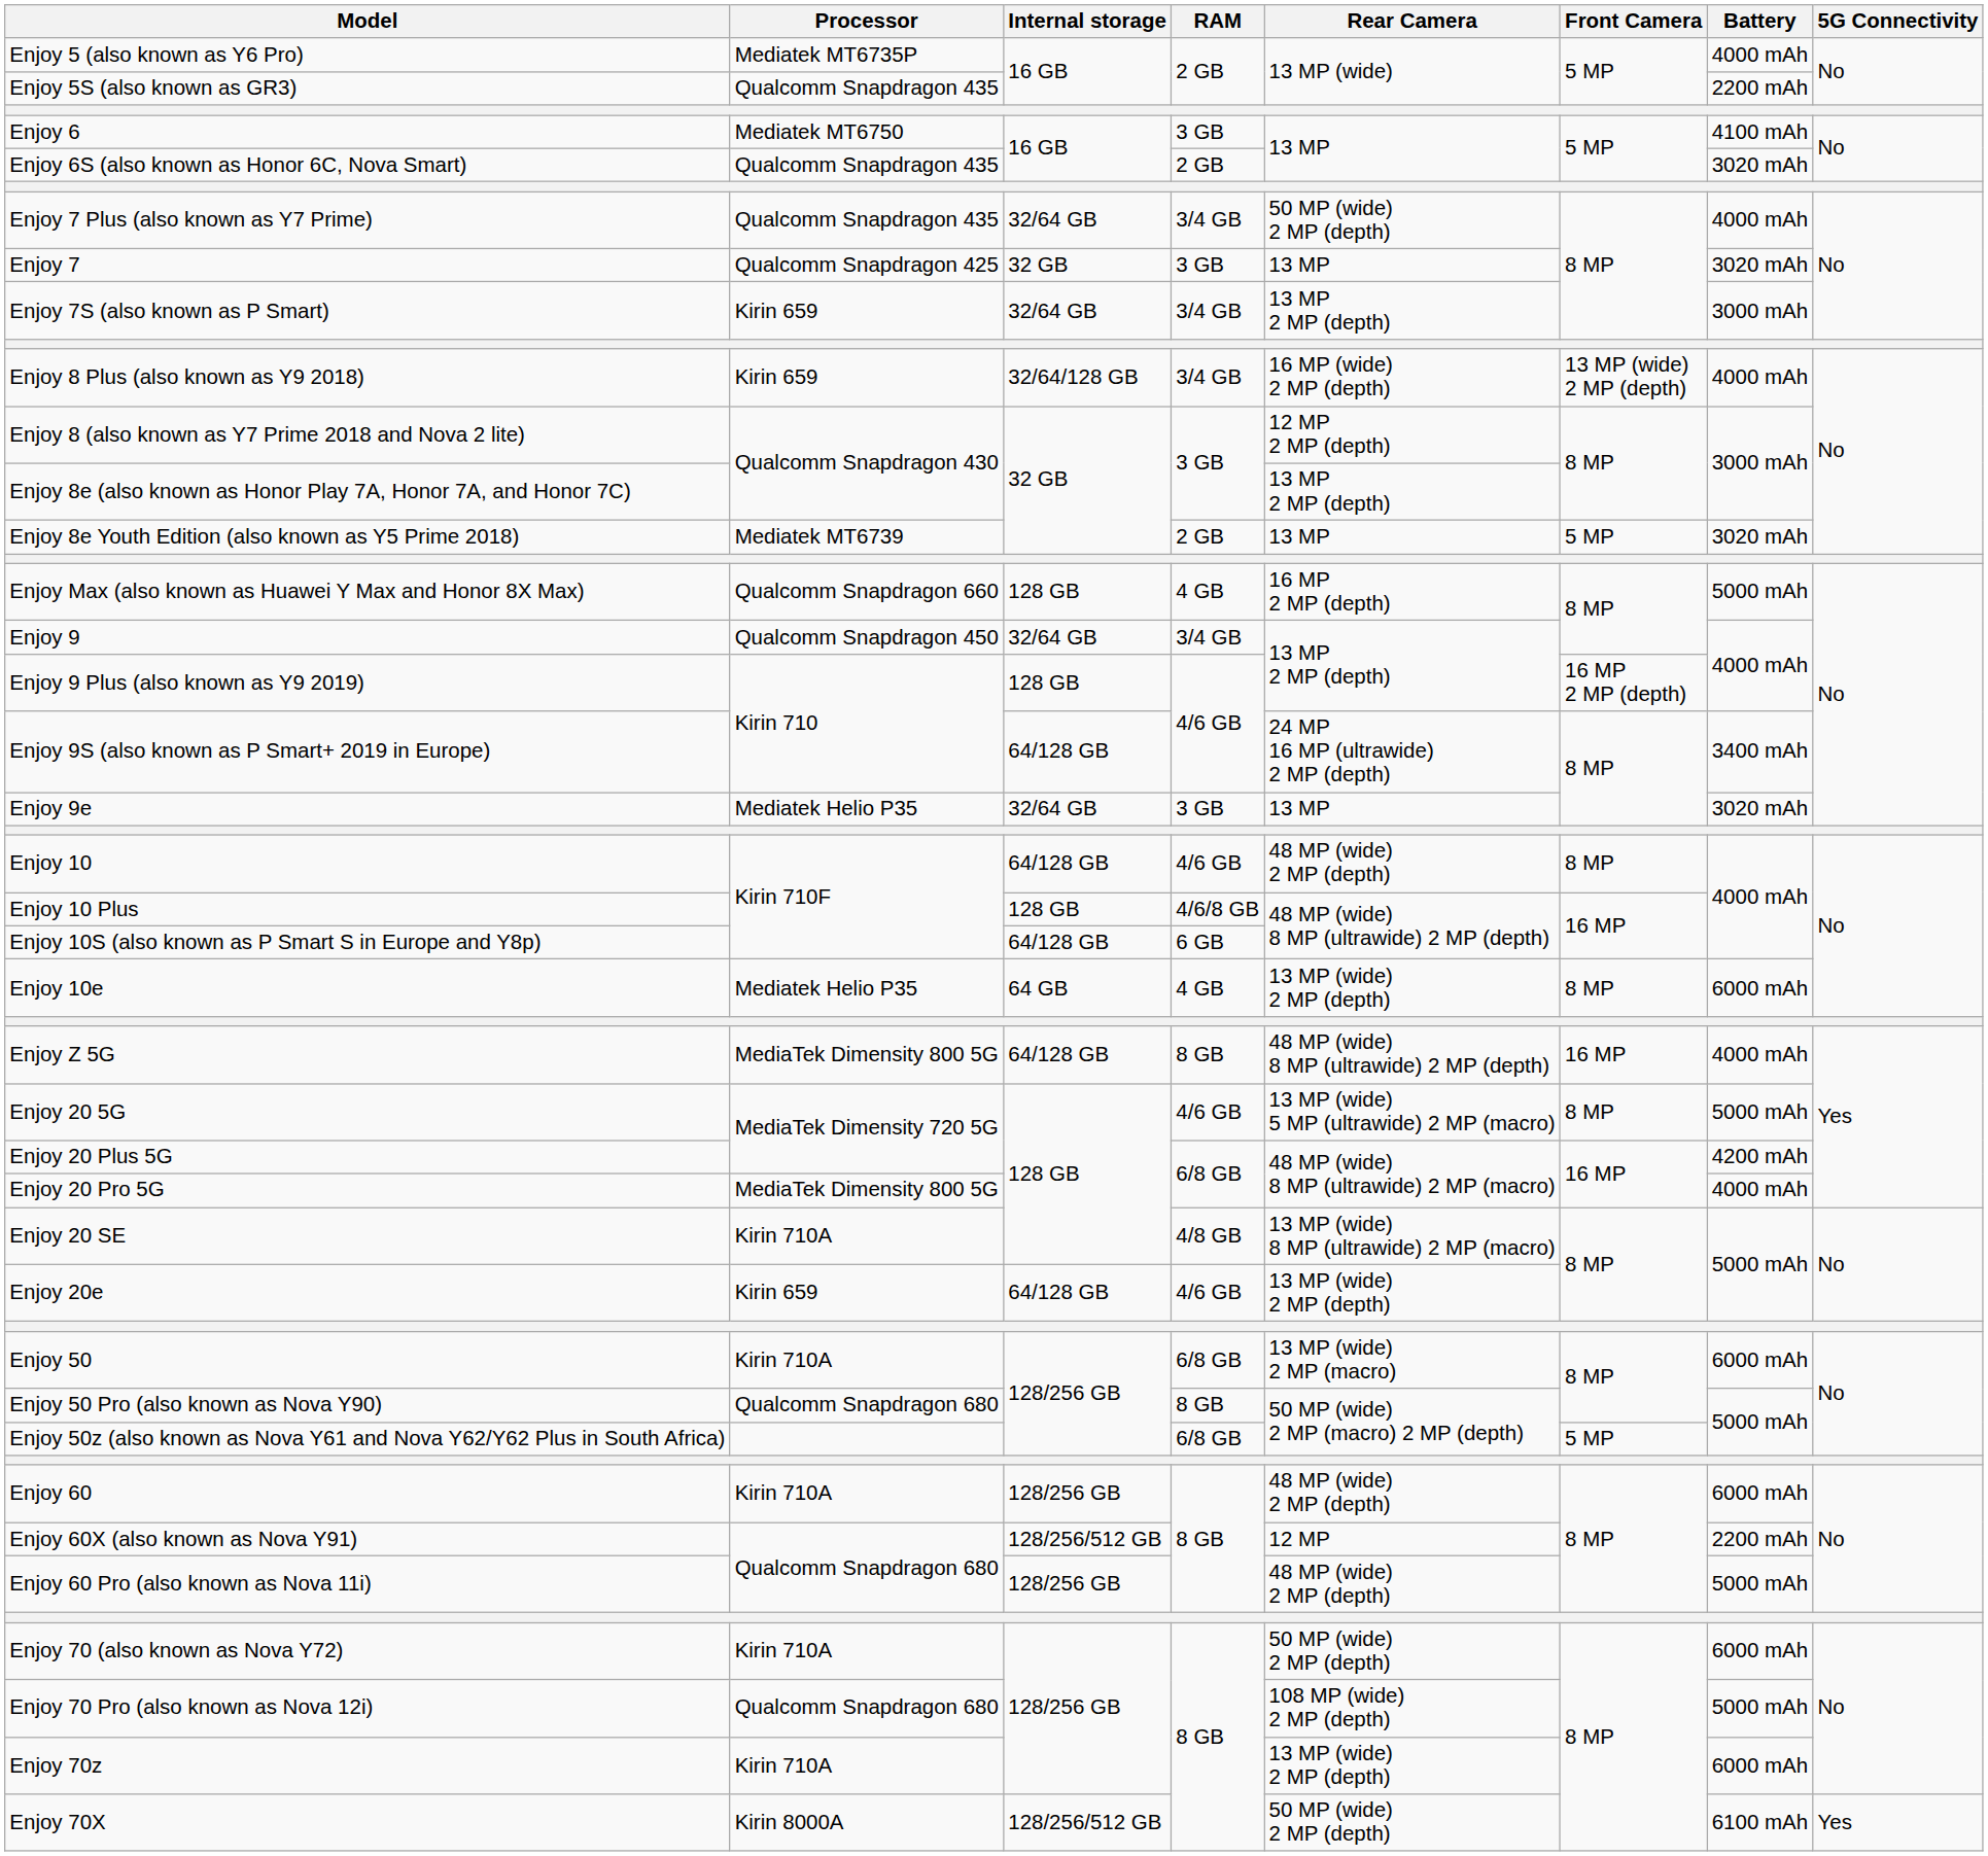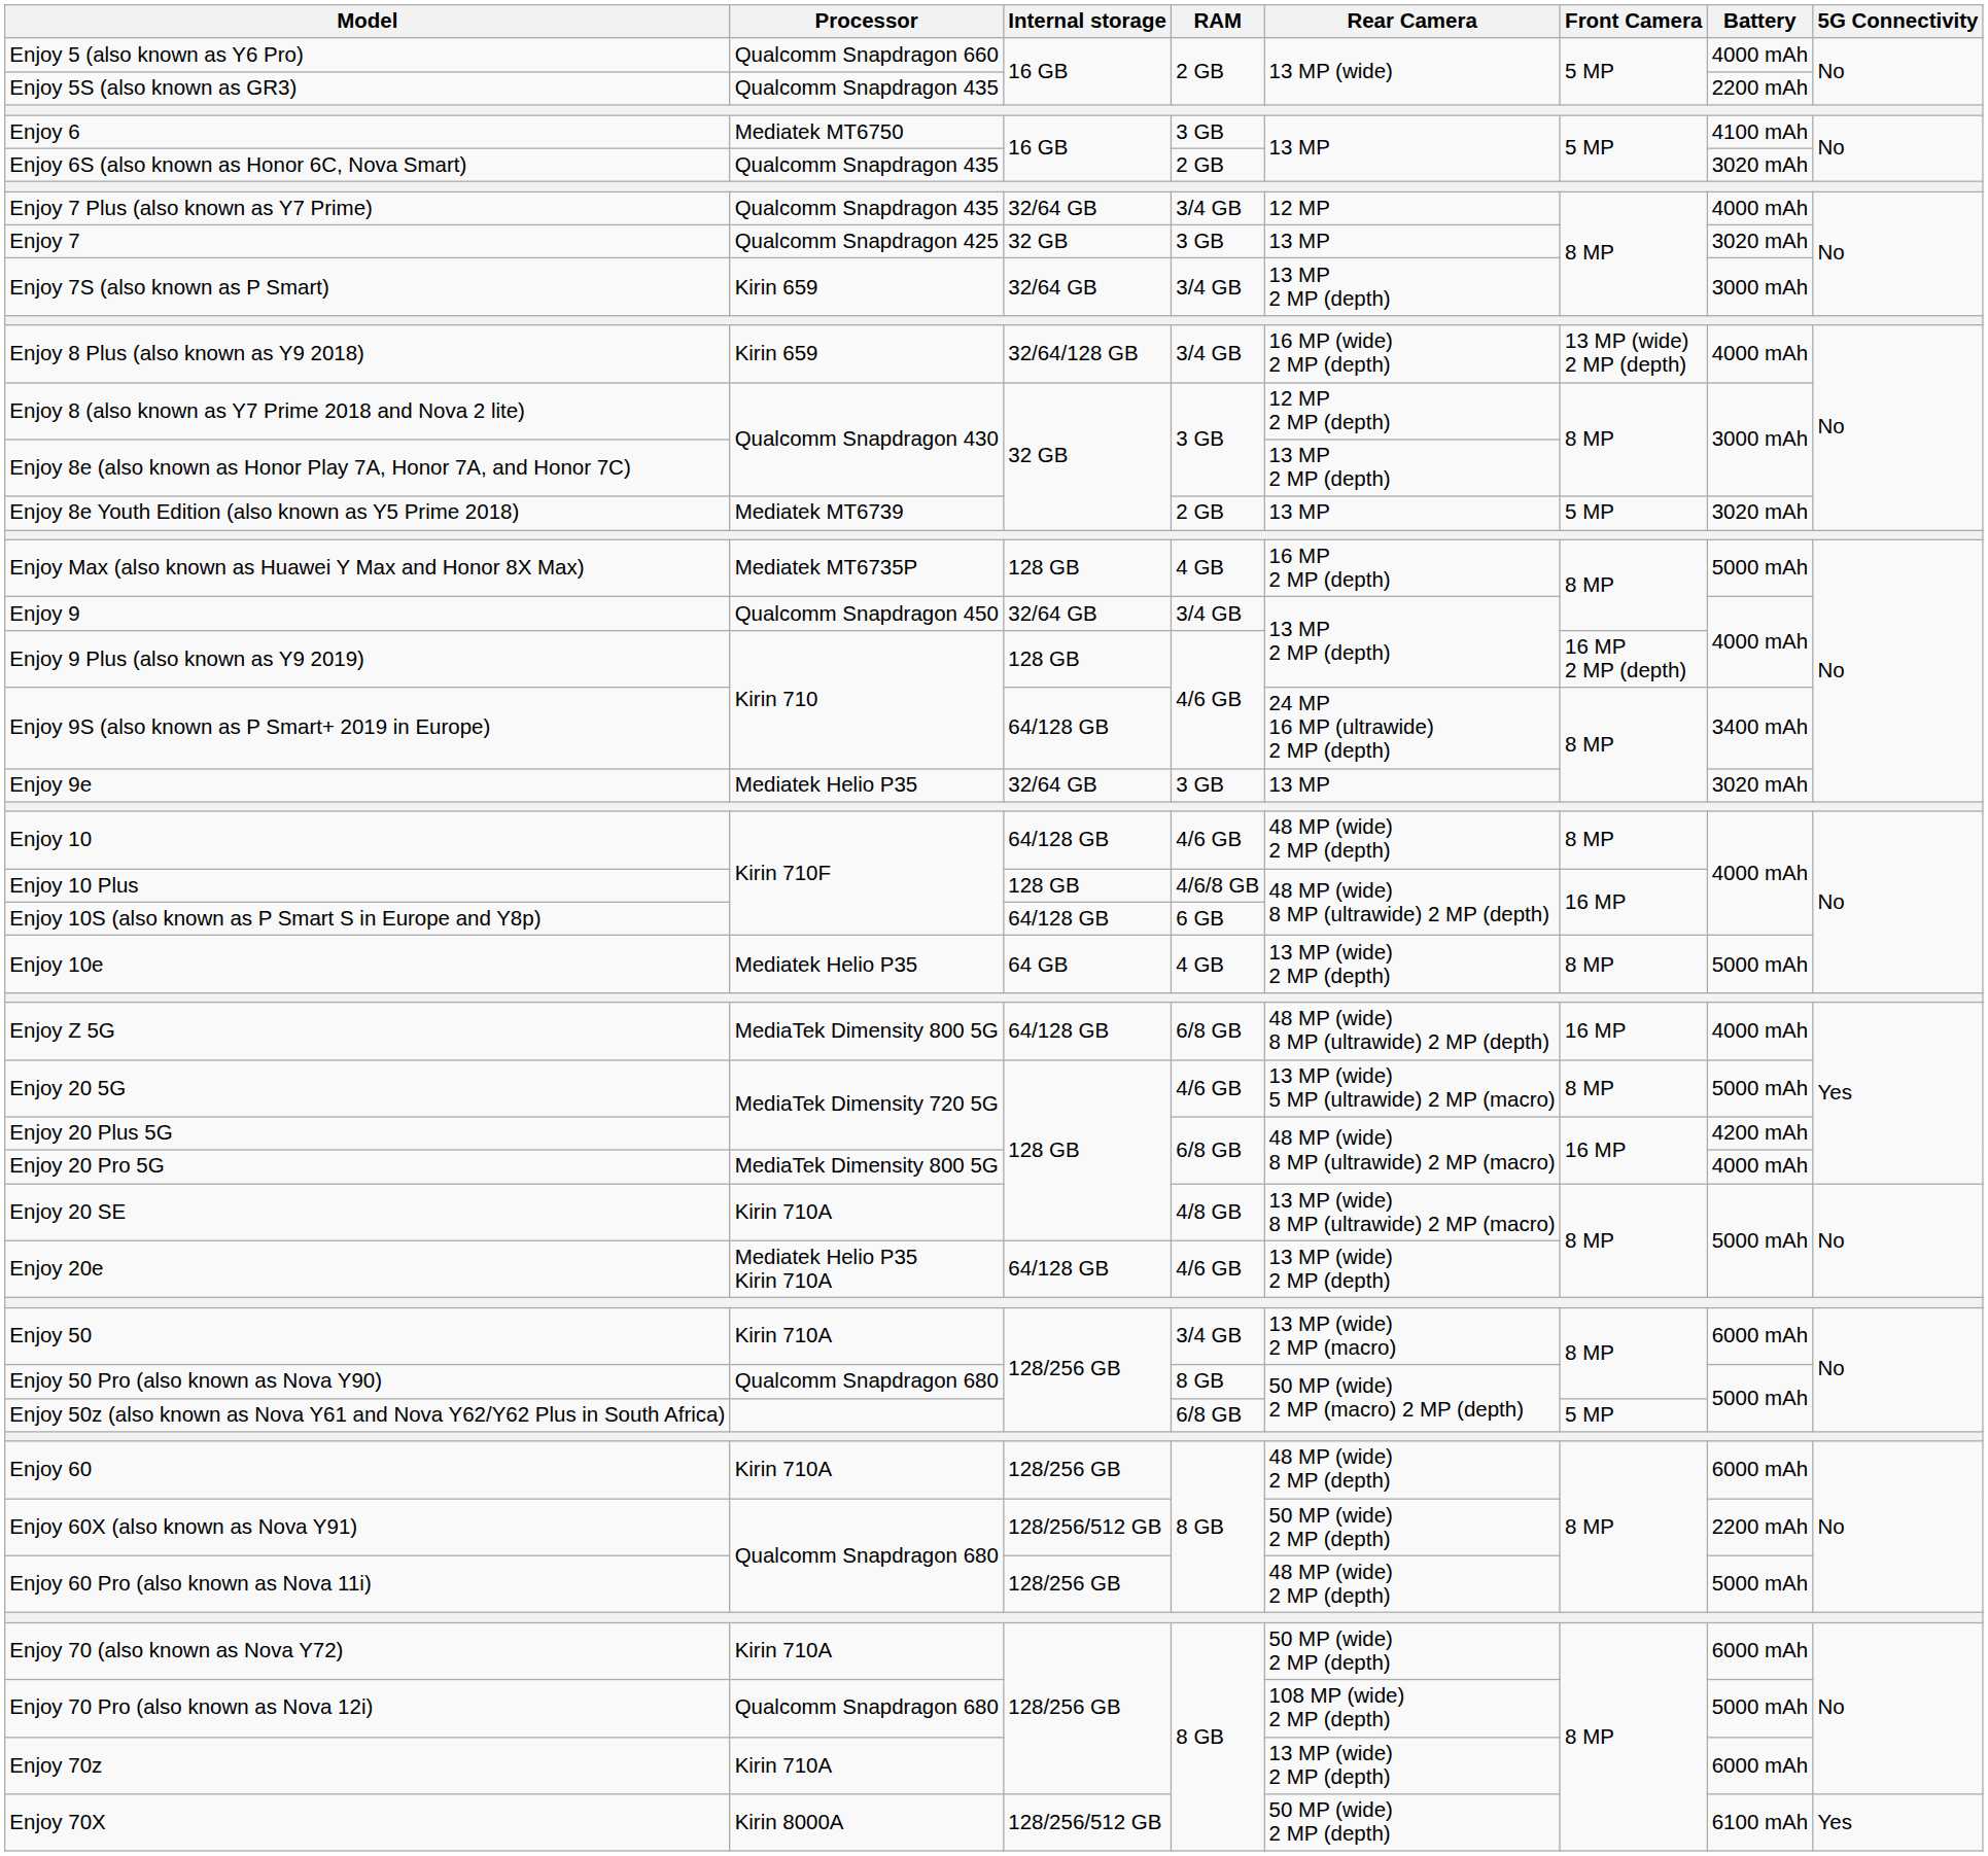 <table class="wikitable sortable">
 <tr>
 <th>Model</th>
 <th>Processor</th>
 <th>Internal storage</th>
 <th>RAM</th>
 <th>Rear Camera</th>
 <th>Front Camera</th>
 <th>Battery</th>
 <th>5G Connectivity</th>
 </tr>
 <tr>
 <td>Enjoy 5 (also known as Y6 Pro)</td>
-<td>Mediatek MT6735P</td>
+<td>Qualcomm Snapdragon 660</td>
 <td rowspan="2">16 GB</td>
 <td rowspan="2">2 GB</td>
 <td rowspan="2">13 MP (wide)</td>
 <td rowspan="2">5 MP</td>
 <td>4000 mAh</td>
 <td rowspan="2">No</td>
 </tr>
 <tr>
 <td>Enjoy 5S (also known as GR3)</td>
 <td>Qualcomm Snapdragon 435</td>
 <td>2200 mAh</td>
 </tr>
 <tr>
 <th colspan="8"></th>
 </tr>
 <tr>
 <td>Enjoy 6</td>
 <td>Mediatek MT6750</td>
 <td rowspan="2">16 GB</td>
 <td>3 GB</td>
 <td rowspan="2">13 MP</td>
 <td rowspan="2">5 MP</td>
 <td>4100 mAh</td>
 <td rowspan="2">No</td>
 </tr>
 <tr>
 <td>Enjoy 6S (also known as Honor 6C, Nova Smart)</td>
 <td>Qualcomm Snapdragon 435</td>
 <td>2 GB</td>
 <td>3020 mAh</td>
 </tr>
 <tr>
 <th colspan="8"></th>
 </tr>
 <tr>
 <td>Enjoy 7 Plus (also known as Y7 Prime)</td>
 <td>Qualcomm Snapdragon 435</td>
 <td>32/64 GB</td>
 <td>3/4 GB</td>
-<td>50 MP (wide)<br>2 MP (depth)</td>
+<td>12 MP</td>
 <td rowspan="3">8 MP</td>
 <td>4000 mAh</td>
 <td rowspan="3">No</td>
 </tr>
 <tr>
 <td>Enjoy 7</td>
 <td>Qualcomm Snapdragon 425</td>
 <td>32 GB</td>
 <td>3 GB</td>
 <td>13 MP</td>
 <td>3020 mAh</td>
 </tr>
 <tr>
 <td>Enjoy 7S (also known as P Smart)</td>
 <td>Kirin 659</td>
 <td>32/64 GB</td>
 <td>3/4 GB</td>
 <td>13 MP<br>2 MP (depth)</td>
 <td>3000 mAh</td>
 </tr>
 <tr>
 <th colspan="8"></th>
 </tr>
 <tr>
 <td>Enjoy 8 Plus (also known as Y9 2018)</td>
 <td>Kirin 659</td>
 <td>32/64/128 GB</td>
 <td>3/4 GB</td>
 <td>16 MP (wide)<br>2 MP (depth)</td>
 <td>13 MP (wide)<br>2 MP (depth)</td>
 <td>4000 mAh</td>
 <td rowspan="4">No</td>
 </tr>
 <tr>
 <td>Enjoy 8 (also known as Y7 Prime 2018 and Nova 2 lite)</td>
 <td rowspan="2">Qualcomm Snapdragon 430</td>
 <td rowspan="3">32 GB</td>
 <td rowspan="2">3 GB</td>
 <td>12 MP<br>2 MP (depth)</td>
 <td rowspan="2">8 MP</td>
 <td rowspan="2">3000 mAh</td>
 </tr>
 <tr>
 <td>Enjoy 8e (also known as Honor Play 7A, Honor 7A, and Honor 7C)</td>
 <td>13 MP<br>2 MP (depth)</td>
 </tr>
 <tr>
 <td>Enjoy 8e Youth Edition (also known as Y5 Prime 2018)</td>
 <td>Mediatek MT6739</td>
 <td>2 GB</td>
 <td>13 MP</td>
 <td>5 MP</td>
 <td>3020 mAh</td>
 </tr>
 <tr>
 <th colspan="8"></th>
 </tr>
 <tr>
 <td>Enjoy Max (also known as Huawei Y Max and Honor 8X Max)</td>
-<td>Qualcomm Snapdragon 660</td>
+<td>Mediatek MT6735P</td>
 <td>128 GB</td>
 <td>4 GB</td>
 <td>16 MP<br>2 MP (depth)</td>
 <td rowspan="2">8 MP</td>
 <td>5000 mAh</td>
 <td rowspan="5">No</td>
 </tr>
 <tr>
 <td>Enjoy 9</td>
 <td>Qualcomm Snapdragon 450</td>
 <td>32/64 GB</td>
 <td>3/4 GB</td>
 <td rowspan="2">13 MP<br>2 MP (depth)</td>
 <td rowspan="2">4000 mAh</td>
 </tr>
 <tr>
 <td>Enjoy 9 Plus (also known as Y9 2019)</td>
 <td rowspan="2">Kirin 710</td>
 <td>128 GB</td>
 <td rowspan="2">4/6 GB</td>
 <td>16 MP<br>2 MP (depth)</td>
 </tr>
 <tr>
 <td>Enjoy 9S (also known as P Smart+ 2019 in Europe)</td>
 <td>64/128 GB</td>
 <td>24 MP<br>16 MP (ultrawide)<br>2 MP (depth)</td>
 <td rowspan="2">8 MP</td>
 <td>3400 mAh</td>
 </tr>
 <tr>
 <td>Enjoy 9e</td>
 <td>Mediatek Helio P35</td>
 <td>32/64 GB</td>
 <td>3 GB</td>
 <td>13 MP</td>
 <td>3020 mAh</td>
 </tr>
 <tr>
 <th colspan="8"></th>
 </tr>
 <tr>
 <td>Enjoy 10</td>
 <td rowspan="3">Kirin 710F</td>
 <td>64/128 GB</td>
 <td>4/6 GB</td>
 <td>48 MP (wide)<br>2 MP (depth)</td>
 <td>8 MP</td>
 <td rowspan="3">4000 mAh</td>
 <td rowspan="4">No</td>
 </tr>
 <tr>
 <td>Enjoy 10 Plus</td>
 <td>128 GB</td>
 <td>4/6/8 GB</td>
 <td rowspan="2">48 MP (wide)<br>8 MP (ultrawide) 2 MP (depth)</td>
 <td rowspan="2">16 MP</td>
 </tr>
 <tr>
 <td>Enjoy 10S (also known as P Smart S in Europe and Y8p)</td>
 <td>64/128 GB</td>
 <td>6 GB</td>
 </tr>
 <tr>
 <td>Enjoy 10e</td>
 <td>Mediatek Helio P35</td>
 <td>64 GB</td>
 <td>4 GB</td>
 <td>13 MP (wide)<br>2 MP (depth)</td>
 <td>8 MP</td>
-<td>6000 mAh</td>
+<td>5000 mAh</td>
 </tr>
 <tr>
 <th colspan="8"></th>
 </tr>
 <tr>
 <td>Enjoy Z 5G</td>
 <td>MediaTek Dimensity 800 5G</td>
 <td>64/128 GB</td>
-<td>8 GB</td>
+<td>6/8 GB</td>
 <td>48 MP (wide)<br>8 MP (ultrawide) 2 MP (depth)</td>
 <td>16 MP</td>
 <td>4000 mAh</td>
 <td rowspan="4">Yes</td>
 </tr>
 <tr>
 <td>Enjoy 20 5G</td>
 <td rowspan="2">MediaTek Dimensity 720 5G</td>
 <td rowspan="4">128 GB</td>
 <td>4/6 GB</td>
 <td>13 MP (wide)<br>5 MP (ultrawide) 2 MP (macro)</td>
 <td>8 MP</td>
 <td>5000 mAh</td>
 </tr>
 <tr>
 <td>Enjoy 20 Plus 5G</td>
 <td rowspan="2">6/8 GB</td>
 <td rowspan="2">48 MP (wide)<br>8 MP (ultrawide) 2 MP (macro)</td>
 <td rowspan="2">16 MP</td>
 <td>4200 mAh</td>
 </tr>
 <tr>
 <td>Enjoy 20 Pro 5G</td>
 <td>MediaTek Dimensity 800 5G</td>
 <td>4000 mAh</td>
 </tr>
 <tr>
 <td>Enjoy 20 SE</td>
 <td>Kirin 710A</td>
 <td>4/8 GB</td>
 <td>13 MP (wide)<br>8 MP (ultrawide) 2 MP (macro)</td>
 <td rowspan="2">8 MP</td>
 <td rowspan="2">5000 mAh</td>
 <td rowspan="2">No</td>
 </tr>
 <tr>
 <td>Enjoy 20e</td>
-<td>Kirin 659</td>
+<td>Mediatek Helio P35<br>Kirin 710A</td>
 <td>64/128 GB</td>
 <td>4/6 GB</td>
 <td>13 MP (wide)<br>2 MP (depth)</td>
 </tr>
 <tr>
 <th colspan="8"></th>
 </tr>
 <tr>
 <td>Enjoy 50</td>
 <td>Kirin 710A</td>
 <td rowspan="3">128/256 GB</td>
-<td>6/8 GB</td>
+<td>3/4 GB</td>
 <td>13 MP (wide)<br>2 MP (macro)</td>
 <td rowspan="2">8 MP</td>
 <td>6000 mAh</td>
 <td rowspan="3">No</td>
 </tr>
 <tr>
 <td>Enjoy 50 Pro (also known as Nova Y90)</td>
 <td>Qualcomm Snapdragon 680</td>
 <td>8 GB</td>
 <td rowspan="2">50 MP (wide)<br>2 MP (macro) 2 MP (depth)</td>
 <td rowspan="2">5000 mAh</td>
 </tr>
 <tr>
 <td>Enjoy 50z (also known as Nova Y61 and Nova Y62/Y62 Plus in South Africa)</td>
 <td></td>
 <td>6/8 GB</td>
 <td>5 MP</td>
 </tr>
 <tr>
 <th colspan="8"></th>
 </tr>
 <tr>
 <td>Enjoy 60</td>
 <td>Kirin 710A</td>
 <td>128/256 GB</td>
 <td rowspan="3">8 GB</td>
 <td>48 MP (wide)<br>2 MP (depth)</td>
 <td rowspan="3">8 MP</td>
 <td>6000 mAh</td>
 <td rowspan="3">No</td>
 </tr>
 <tr>
 <td>Enjoy 60X (also known as Nova Y91)</td>
 <td rowspan="2">Qualcomm Snapdragon 680</td>
 <td>128/256/512 GB</td>
-<td>12 MP</td>
+<td>50 MP (wide)<br>2 MP (depth)</td>
 <td>2200 mAh</td>
 </tr>
 <tr>
 <td>Enjoy 60 Pro (also known as Nova 11i)</td>
 <td>128/256 GB</td>
 <td>48 MP (wide)<br>2 MP (depth)</td>
 <td>5000 mAh</td>
 </tr>
 <tr>
 <th colspan="8"></th>
 </tr>
 <tr>
 <td>Enjoy 70 (also known as Nova Y72)</td>
 <td>Kirin 710A</td>
 <td rowspan="3">128/256 GB</td>
 <td rowspan="4">8 GB</td>
 <td>50 MP (wide)<br>2 MP (depth)</td>
 <td rowspan="4">8 MP</td>
 <td>6000 mAh</td>
 <td rowspan="3">No</td>
 </tr>
 <tr>
 <td>Enjoy 70 Pro (also known as Nova 12i)</td>
 <td>Qualcomm Snapdragon 680</td>
 <td>108 MP (wide)<br>2 MP (depth)</td>
 <td>5000 mAh</td>
 </tr>
 <tr>
 <td>Enjoy 70z</td>
 <td>Kirin 710A</td>
 <td>13 MP (wide)<br>2 MP (depth)</td>
 <td>6000 mAh</td>
 </tr>
 <tr>
 <td>Enjoy 70X</td>
 <td>Kirin 8000A</td>
 <td>128/256/512 GB</td>
 <td>50 MP (wide)<br>2 MP (depth)</td>
 <td>6100 mAh</td>
 <td>Yes</td>
 </tr>
 </table>
